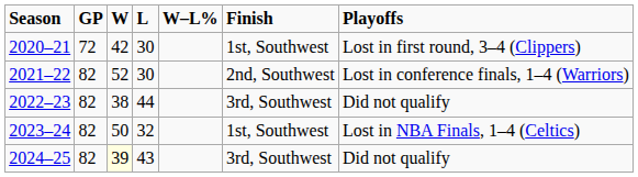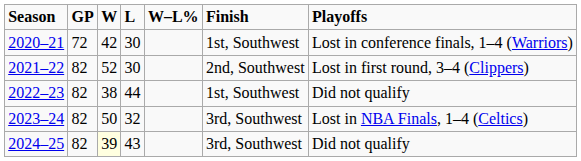 <table class="wikitable">
 <tr style="font-weight:bold; ">
 <td>Season</td>
 <td>GP</td>
 <td>W</td>
 <td>L</td>
 <td>W–L%</td>
 <td>Finish</td>
 <td>Playoffs</td>
 </tr>
 <tr>
 <td><a href='#'>2020–21</a></td>
 <td>72</td>
 <td>42</td>
 <td>30</td>
 <td></td>
 <td>1st, Southwest</td>
-<td>Lost in first round, 3–4 (<a href='#'>Clippers</a>)</td>
+<td>Lost in conference finals, 1–4 (<a href='#'>Warriors</a>)</td>
 </tr>
 <tr>
 <td><a href='#'>2021–22</a></td>
 <td>82</td>
 <td>52</td>
 <td>30</td>
 <td></td>
 <td>2nd, Southwest</td>
-<td>Lost in conference finals, 1–4 (<a href='#'>Warriors</a>)</td>
+<td>Lost in first round, 3–4 (<a href='#'>Clippers</a>)</td>
 </tr>
 <tr>
 <td><a href='#'>2022–23</a></td>
 <td>82</td>
 <td>38</td>
 <td>44</td>
 <td></td>
-<td>3rd, Southwest</td>
+<td>1st, Southwest</td>
 <td>Did not qualify</td>
 </tr>
 <tr>
 <td><a href='#'>2023–24</a></td>
 <td>82</td>
 <td>50</td>
 <td>32</td>
 <td></td>
-<td>1st, Southwest</td>
+<td>3rd, Southwest</td>
 <td>Lost in <a href='#'>NBA Finals</a>, 1–4 (<a href='#'>Celtics</a>)</td>
 </tr>
 <tr>
 <td><a href='#'>2024–25</a></td>
 <td>82</td>
 <td style="background: lightyellow;">39</td>
 <td>43</td>
 <td></td>
 <td>3rd, Southwest</td>
 <td>Did not qualify</td>
 </tr>
 </table>
